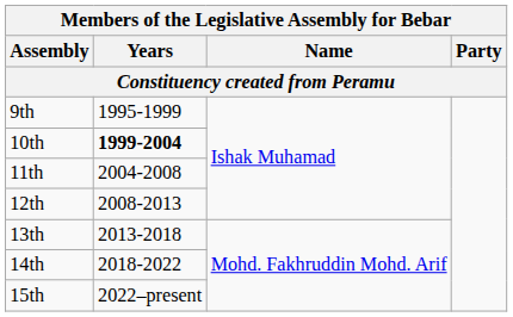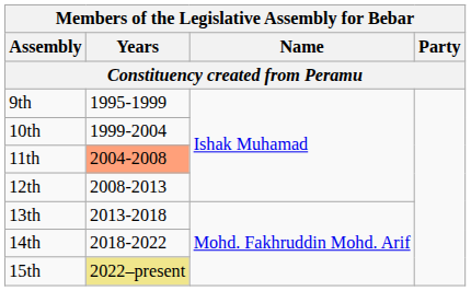 <table class="wikitable">
 <tr>
 <th colspan="4">Members of the Legislative Assembly for Bebar</th>
 </tr>
 <tr>
 <th>Assembly</th>
 <th>Years</th>
 <th>Name</th>
 <th>Party</th>
 </tr>
 <tr>
 <th colspan="4"><em>Constituency created from Peramu</em></th>
 </tr>
 <tr>
 <td>9th</td>
 <td>1995-1999</td>
 <td rowspan="4"><a href='#'>Ishak Muhamad</a></td>
 <td rowspan="7"></td>
 </tr>
 <tr>
 <td>10th</td>
-<td><strong>1999-2004</strong></td>
+<td>1999-2004</td>
 </tr>
 <tr>
 <td>11th</td>
-<td>2004-2008</td>
+<td style="background: lightsalmon;">2004-2008</td>
 </tr>
 <tr>
 <td>12th</td>
 <td>2008-2013</td>
 </tr>
 <tr>
 <td>13th</td>
 <td>2013-2018</td>
 <td rowspan="3"><a href='#'>Mohd. Fakhruddin Mohd. Arif</a></td>
 </tr>
 <tr>
 <td>14th</td>
 <td>2018-2022</td>
 </tr>
 <tr>
 <td>15th</td>
-<td>2022–present</td>
+<td style="background: khaki;">2022–present</td>
 </tr>
 </table>
